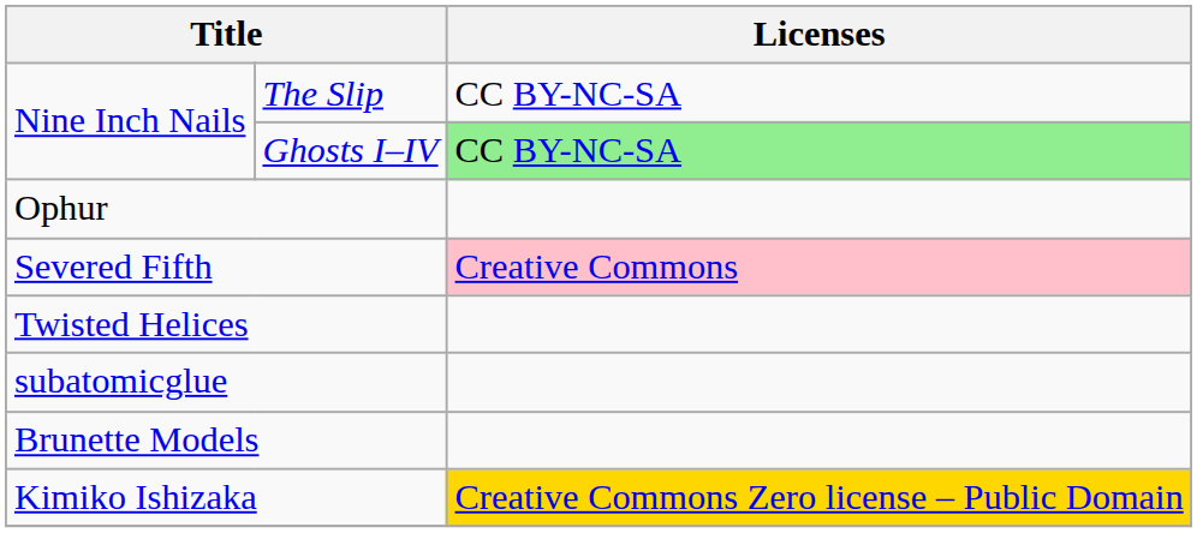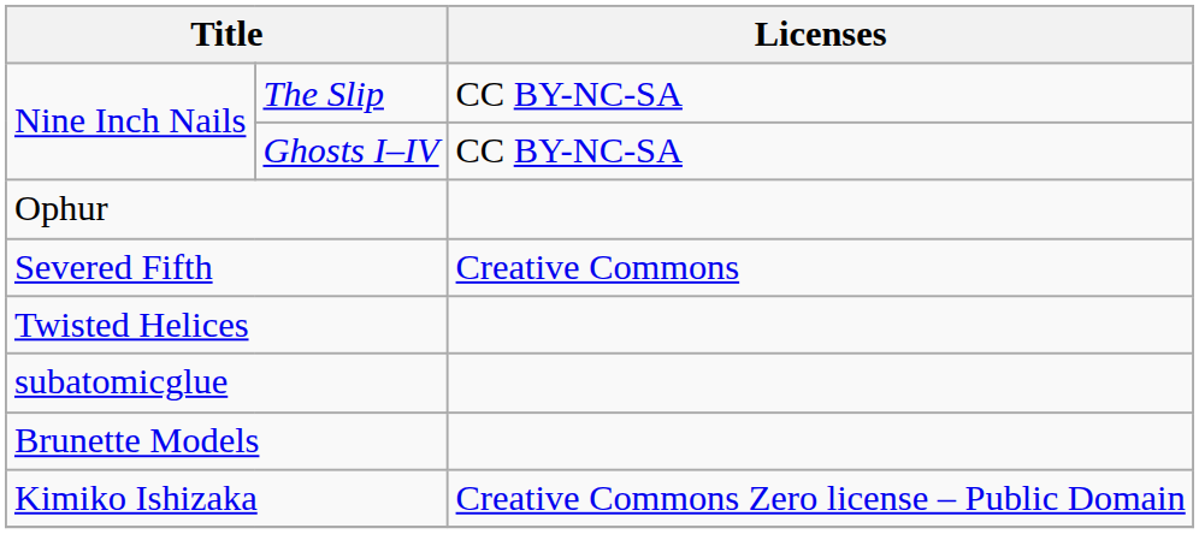 <table class="wikitable">
 <tr>
 <th COLSPAN=2>Title</th>
 <th>Licenses</th>
 </tr>
 <tr>
 <td ROWSPAN=2><a href='#'>Nine Inch Nails</a></td>
 <td><em><a href='#'>The Slip</a></em></td>
 <td>CC <a href='#'>BY-NC-SA</a></td>
 </tr>
 <tr>
 <td><em><a href='#'>Ghosts I–IV</a></em></td>
-<td style="background: lightgreen;">CC <a href='#'>BY-NC-SA</a></td>
+<td>CC <a href='#'>BY-NC-SA</a></td>
 </tr>
 <tr>
 <td COLSPAN=2>Ophur</td>
 <td></td>
 </tr>
 <tr>
 <td COLSPAN=2><a href='#'>Severed Fifth</a></td>
-<td style="background: pink;"><a href='#'>Creative Commons</a></td>
+<td><a href='#'>Creative Commons</a></td>
 </tr>
 <tr>
 <td COLSPAN=2><a href='#'>Twisted Helices</a></td>
 <td></td>
 </tr>
 <tr>
 <td COLSPAN=2><a href='#'>subatomicglue</a></td>
 <td></td>
 </tr>
 <tr>
 <td COLSPAN=2><a href='#'>Brunette Models</a></td>
 <td></td>
 </tr>
 <tr>
 <td COLSPAN=2><a href='#'>Kimiko Ishizaka</a></td>
-<td style="background: gold;"><a href='#'>Creative Commons Zero license – Public Domain</a></td>
+<td><a href='#'>Creative Commons Zero license – Public Domain</a></td>
 </tr>
 <tr>
 </tr>
 </table>
